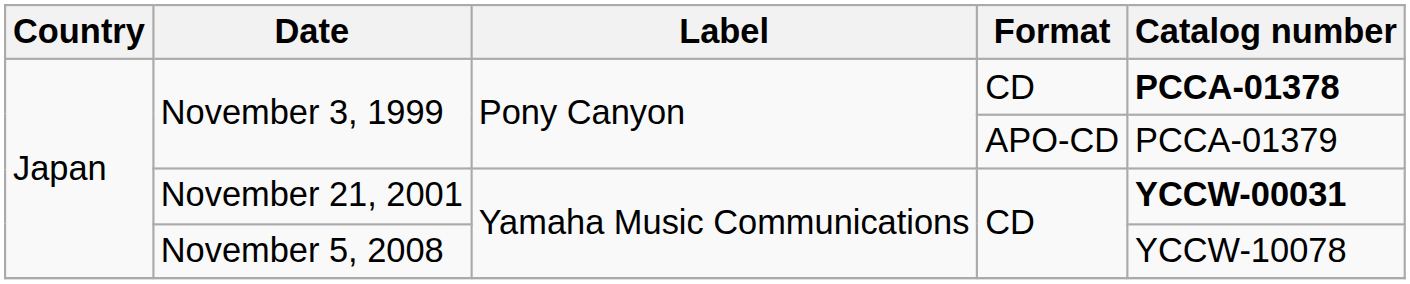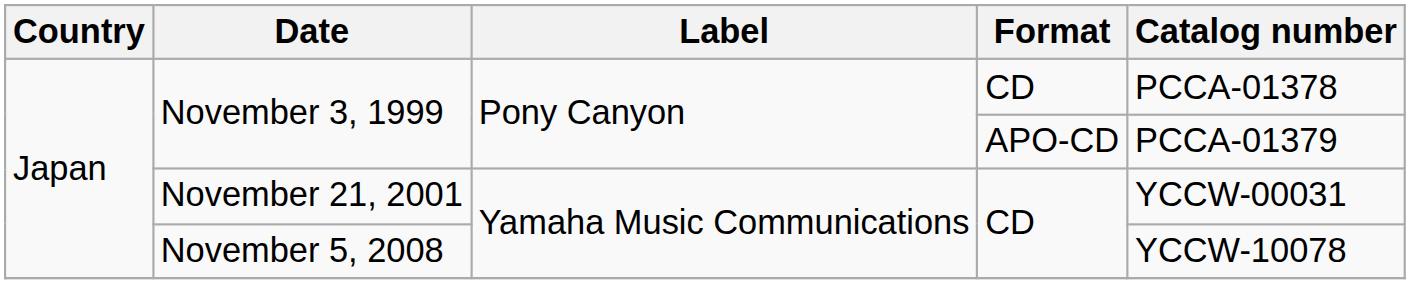 <table class="wikitable">
 <tr>
 <th>Country</th>
 <th>Date</th>
 <th>Label</th>
 <th>Format</th>
 <th>Catalog number</th>
 </tr>
 <tr>
 <td rowspan="4">Japan</td>
 <td rowspan="2">November 3, 1999</td>
 <td rowspan="2">Pony Canyon</td>
 <td>CD</td>
-<td><strong>PCCA-01378</strong></td>
+<td>PCCA-01378</td>
 </tr>
 <tr>
 <td>APO-CD</td>
 <td>PCCA-01379</td>
 </tr>
 <tr>
 <td>November 21, 2001</td>
 <td rowspan="2">Yamaha Music Communications</td>
 <td rowspan="2">CD</td>
-<td><strong>YCCW-00031</strong></td>
+<td>YCCW-00031</td>
 </tr>
 <tr>
 <td>November 5, 2008</td>
 <td>YCCW-10078</td>
 </tr>
 <tr>
 </tr>
 </table>
